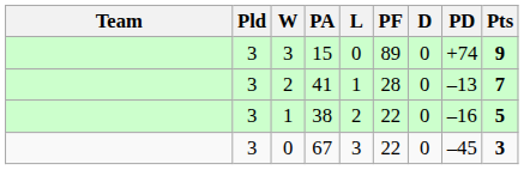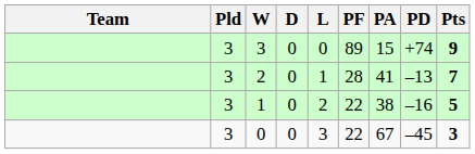 <table class="wikitable" style="text-align:center;">
 <tr>
 <th width=175>Team</th>
 <th width=20 abbr="Played">Pld</th>
 <th width=20 abbr="Won">W</th>
-<th width=20 abbr="Points against">PA</th>
+<th width=20 abbr="Drawn">D</th>
 <th width=20 abbr="Lost">L</th>
 <th width=20 abbr="Points for">PF</th>
-<th width=20 abbr="Drawn">D</th>
+<th width=20 abbr="Points against">PA</th>
 <th width=25 abbr="Points difference">PD</th>
 <th width=20 abbr="Points">Pts</th>
 </tr>
 <tr bgcolor=ccffcc>
 <td style="text-align:left;"></td>
 <td>3</td>
 <td>3</td>
-<td>15</td>
+<td>0</td>
 <td>0</td>
 <td>89</td>
-<td>0</td>
+<td>15</td>
 <td>+74</td>
 <td><strong>9</strong></td>
 </tr>
 <tr bgcolor=ccffcc>
 <td style="text-align:left;"></td>
 <td>3</td>
 <td>2</td>
-<td>41</td>
+<td>0</td>
 <td>1</td>
 <td>28</td>
-<td>0</td>
+<td>41</td>
 <td>–13</td>
 <td><strong>7</strong></td>
 </tr>
 <tr bgcolor=ccffcc>
 <td style="text-align:left;"></td>
 <td>3</td>
 <td>1</td>
-<td>38</td>
+<td>0</td>
 <td>2</td>
 <td>22</td>
-<td>0</td>
+<td>38</td>
 <td>–16</td>
 <td><strong>5</strong></td>
 </tr>
 <tr>
 <td style="text-align:left;"></td>
 <td>3</td>
 <td>0</td>
-<td>67</td>
+<td>0</td>
 <td>3</td>
 <td>22</td>
-<td>0</td>
+<td>67</td>
 <td>–45</td>
 <td><strong>3</strong></td>
 </tr>
 </table>
